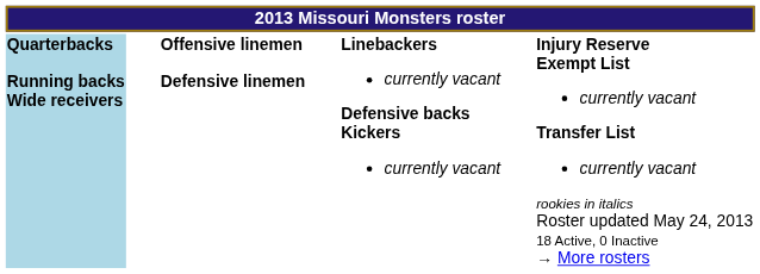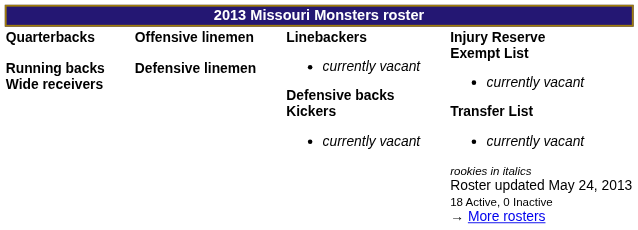 <table class="toccolours" style="text-align: left;">
 <tr>
 <th colspan="7" style="background:#241773; border:2px solid #9E7C0C; color:#FFFFFF; text-align:center;"><strong>2013 Missouri Monsters roster</strong></th>
 </tr>
 <tr>
-<td style="background: lightblue; font-size: 95%;" valign="top"><strong>Quarterbacks</strong><br><br><strong>Running backs</strong> <br><strong>Wide receivers</strong>   </td>
+<td style="font-size: 95%;" valign="top"><strong>Quarterbacks</strong><br><br><strong>Running backs</strong> <br><strong>Wide receivers</strong>   </td>
 <td style="width: 25px;"></td>
 <td style="font-size: 95%;" valign="top"><strong>Offensive linemen</strong><br>    <br><strong>Defensive linemen</strong>   </td>
 <td style="width: 25px;"></td>
 <td style="font-size: 95%;" valign="top"><strong>Linebackers</strong><br><ul><li><em>currently vacant</em></li></ul><strong>Defensive backs</strong>     <br><strong>Kickers</strong><ul><li><em>currently vacant</em></li></ul></td>
 <td style="width: 25px;"></td>
 <td style="font-size: 95%;" valign="top"><strong>Injury Reserve</strong><br><strong>Exempt List</strong><ul><li><em>currently vacant</em></li></ul><strong>Transfer List</strong><ul><li><em>currently vacant</em></li></ul><small><em>rookies in italics</em></small><br> Roster updated May 24, 2013<br> <small>18 Active, 0 Inactive</small><br>→ <a href='#'>More rosters</a></td>
 </tr>
 <tr>
 </tr>
 </table>
